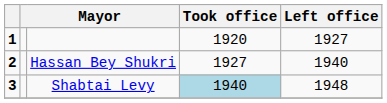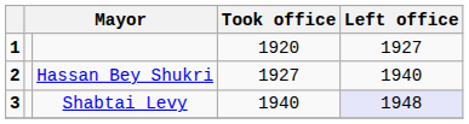 <table class="wikitable" style="text-align: center;">
 <tr>
 <th><br></th>
 <th colspan="2">Mayor</th>
 <th>Took office</th>
 <th>Left office</th>
 </tr>
 <tr>
 <td rowspan="1" style="background: "><strong>1</strong></td>
 <td rowspan="1"></td>
 <td rowspan="1"></td>
 <td rowspan="1">1920</td>
 <td rowspan="1">1927</td>
 </tr>
 <tr>
 <td rowspan="1" style="background: "><strong>2</strong></td>
 <td rowspan="1"></td>
 <td rowspan="1"><a href='#'>Hassan Bey Shukri</a></td>
 <td rowspan="1">1927</td>
 <td rowspan="1">1940</td>
 </tr>
 <tr>
 <td rowspan="1" style="background: "><strong>3</strong></td>
 <td rowspan="1"></td>
 <td rowspan="1"><a href='#'>Shabtai Levy</a></td>
-<td rowspan="1" style="background: lightblue;">1940</td>
-<td rowspan="1">1948</td>
+<td rowspan="1">1940</td>
+<td rowspan="1" style="background: lavender;">1948</td>
 </tr>
 <tr>
 </tr>
 </table>
